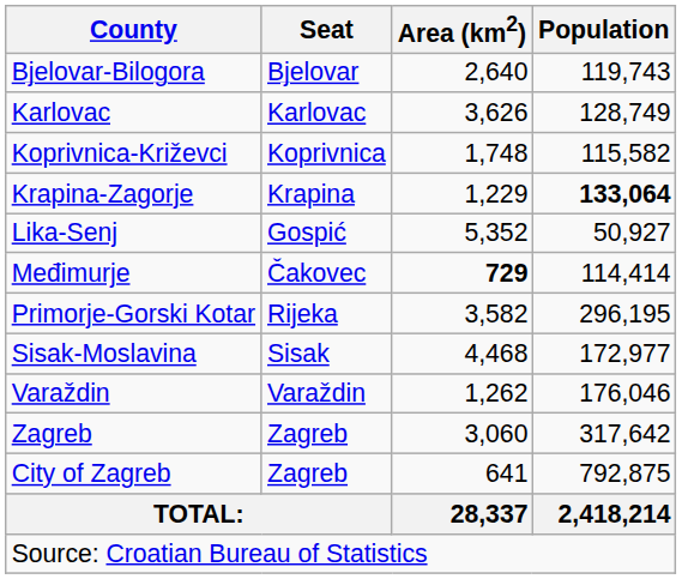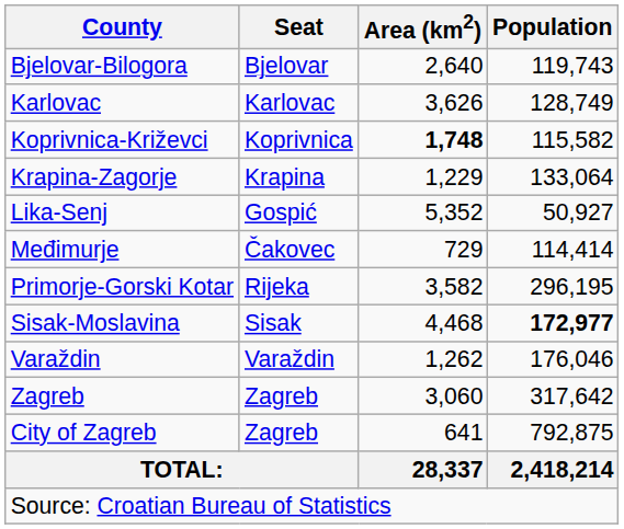 <table class="wikitable" style="margin-top:7px; margin-right:0; text-align:left; font-size:90%;">
 <tr style="font-size:100%; text-align:right;">
 <th> <a href='#'>County</a></th>
 <th>Seat</th>
 <th>Area (km<sup>2</sup>)</th>
 <th>Population</th>
 </tr>
 <tr>
 <td><a href='#'>Bjelovar-Bilogora</a></td>
 <td><a href='#'>Bjelovar</a></td>
 <td style="text-align:right;padding-right:2px">2,640</td>
 <td style="text-align:right;padding-right:2px">119,743</td>
 </tr>
 <tr>
 <td><a href='#'>Karlovac</a></td>
 <td><a href='#'>Karlovac</a></td>
 <td style="text-align:right;padding-right:2px">3,626</td>
 <td style="text-align:right;padding-right:2px">128,749</td>
 </tr>
 <tr>
 <td><a href='#'>Koprivnica-Križevci</a></td>
 <td><a href='#'>Koprivnica</a></td>
-<td style="text-align:right;padding-right:2px">1,748</td>
+<td style="text-align:right;padding-right:2px"><strong>1,748</strong></td>
 <td style="text-align:right;padding-right:2px">115,582</td>
 </tr>
 <tr>
 <td><a href='#'>Krapina-Zagorje</a></td>
 <td><a href='#'>Krapina</a></td>
 <td style="text-align:right;padding-right:2px">1,229</td>
-<td style="text-align:right;padding-right:2px"><strong>133,064</strong></td>
+<td style="text-align:right;padding-right:2px">133,064</td>
 </tr>
 <tr>
 <td><a href='#'>Lika-Senj</a></td>
 <td><a href='#'>Gospić</a></td>
 <td style="text-align:right;padding-right:2px">5,352</td>
 <td style="text-align:right;padding-right:2px">50,927</td>
 </tr>
 <tr>
 <td><a href='#'>Međimurje</a></td>
 <td><a href='#'>Čakovec</a></td>
-<td style="text-align:right;padding-right:2px"><strong>729</strong></td>
+<td style="text-align:right;padding-right:2px">729</td>
 <td style="text-align:right;padding-right:2px">114,414</td>
 </tr>
 <tr>
 <td><a href='#'>Primorje-Gorski Kotar</a></td>
 <td><a href='#'>Rijeka</a></td>
 <td style="text-align:right;padding-right:2px">3,582</td>
 <td style="text-align:right;padding-right:2px">296,195</td>
 </tr>
 <tr>
 <td><a href='#'>Sisak-Moslavina</a></td>
 <td><a href='#'>Sisak</a></td>
 <td style="text-align:right;padding-right:2px">4,468</td>
-<td style="text-align:right;padding-right:2px">172,977</td>
+<td style="text-align:right;padding-right:2px"><strong>172,977</strong></td>
 </tr>
 <tr>
 <td><a href='#'>Varaždin</a></td>
 <td><a href='#'>Varaždin</a></td>
 <td style="text-align:right;padding-right:2px">1,262</td>
 <td style="text-align:right;padding-right:2px">176,046</td>
 </tr>
 <tr>
 <td><a href='#'>Zagreb</a></td>
 <td><a href='#'>Zagreb</a></td>
 <td style="text-align:right;padding-right:2px">3,060</td>
 <td style="text-align:right;padding-right:2px">317,642</td>
 </tr>
 <tr>
 <td><a href='#'>City of Zagreb</a></td>
 <td><a href='#'>Zagreb</a></td>
 <td style="text-align:right;padding-right:2px">641</td>
 <td style="text-align:right;padding-right:2px">792,875</td>
 </tr>
 <tr>
 <th colspan=2>TOTAL:</th>
 <th style="text-align:right;padding-right:2px">28,337</th>
 <th style="text-align:right;padding-right:2px">2,418,214</th>
 </tr>
 <tr>
 <td colspan=4>Source: <a href='#'>Croatian Bureau of Statistics</a></td>
 </tr>
 </table>
